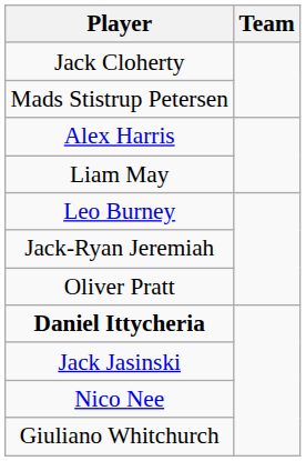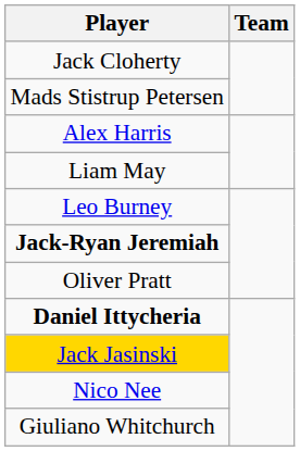 <table class="wikitable" style="text-align:center">
 <tr>
 <th>Player</th>
 <th>Team</th>
 </tr>
 <tr>
 <td>Jack Cloherty</td>
 <td rowspan=2></td>
 </tr>
 <tr>
 <td>Mads Stistrup Petersen</td>
 </tr>
 <tr>
 <td><a href='#'>Alex Harris</a></td>
 <td rowspan=2></td>
 </tr>
 <tr>
 <td>Liam May</td>
 </tr>
 <tr>
 <td><a href='#'>Leo Burney</a></td>
 <td rowspan=3></td>
 </tr>
 <tr>
-<td>Jack-Ryan Jeremiah</td>
+<td><strong>Jack-Ryan Jeremiah</strong></td>
 </tr>
 <tr>
 <td>Oliver Pratt</td>
 </tr>
 <tr>
 <td><strong>Daniel Ittycheria</strong></td>
 <td rowspan=4></td>
 </tr>
 <tr>
-<td><a href='#'>Jack Jasinski</a></td>
+<td style="background: gold;"><a href='#'>Jack Jasinski</a></td>
 </tr>
 <tr>
 <td><a href='#'>Nico Nee</a></td>
 </tr>
 <tr>
 <td>Giuliano Whitchurch</td>
 </tr>
 </table>
